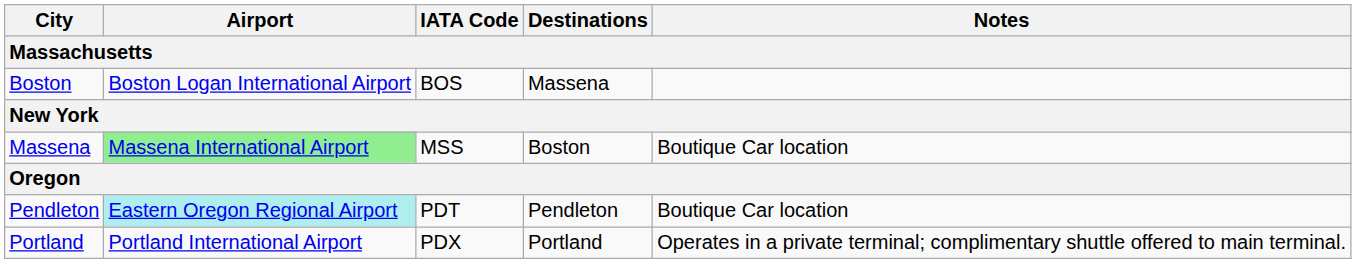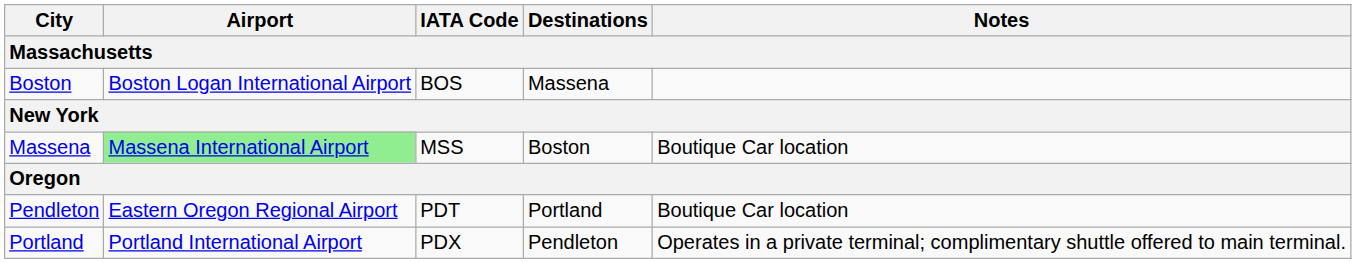 <table class="wikitable">
 <tr>
 <th>City</th>
 <th>Airport</th>
 <th>IATA Code</th>
 <th>Destinations</th>
 <th>Notes</th>
 </tr>
 <tr>
 <th colspan="5" style="text-align: left;">Massachusetts</th>
 </tr>
 <tr>
 <td><a href='#'>Boston</a></td>
 <td><a href='#'>Boston Logan International Airport</a></td>
 <td>BOS</td>
 <td>Massena</td>
 <td></td>
 </tr>
 <tr>
 <th colspan="5" style="text-align: left;">New York</th>
 </tr>
 <tr>
 <td><a href='#'>Massena</a></td>
 <td style="background: lightgreen;"><a href='#'>Massena International Airport</a></td>
 <td>MSS</td>
 <td>Boston </td>
 <td EAS Community>Boutique Car location</td>
 </tr>
 <tr>
 <th colspan="5" style="text-align: left;">Oregon</th>
 </tr>
 <tr>
 <td><a href='#'>Pendleton</a></td>
-<td style="background: paleturquoise;"><a href='#'>Eastern Oregon Regional Airport</a></td>
+<td><a href='#'>Eastern Oregon Regional Airport</a></td>
 <td>PDT</td>
-<td>Pendleton</td>
+<td>Portland</td>
 <td EAS Community>Boutique Car location</td>
 </tr>
 <tr>
 <td><a href='#'>Portland</a></td>
 <td><a href='#'>Portland International Airport</a></td>
 <td>PDX</td>
-<td>Portland</td>
+<td>Pendleton</td>
 <td>Operates in a private terminal; complimentary shuttle offered to main terminal.</td>
 </tr>
 </table>
